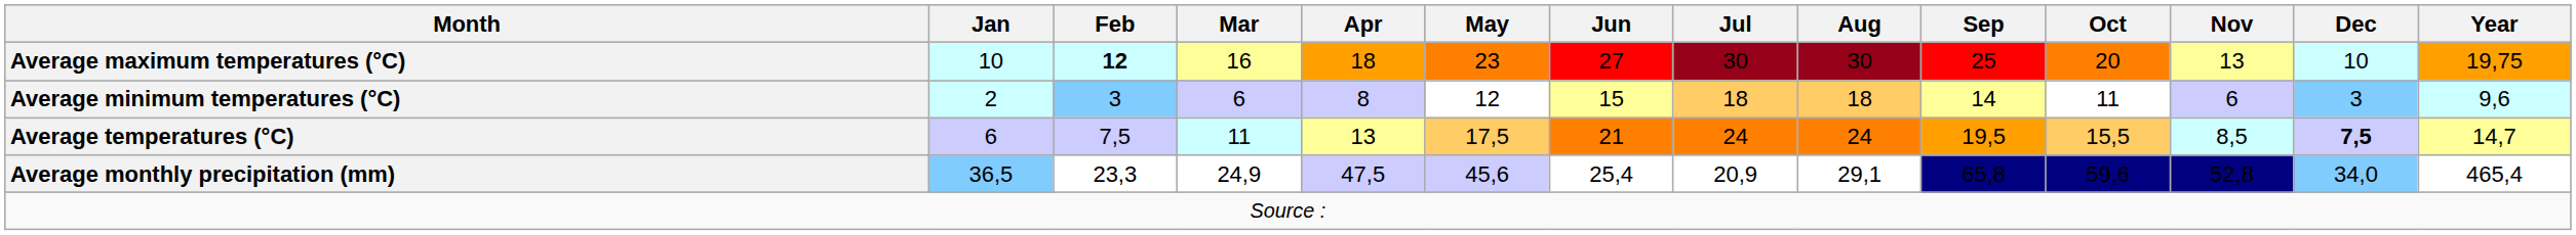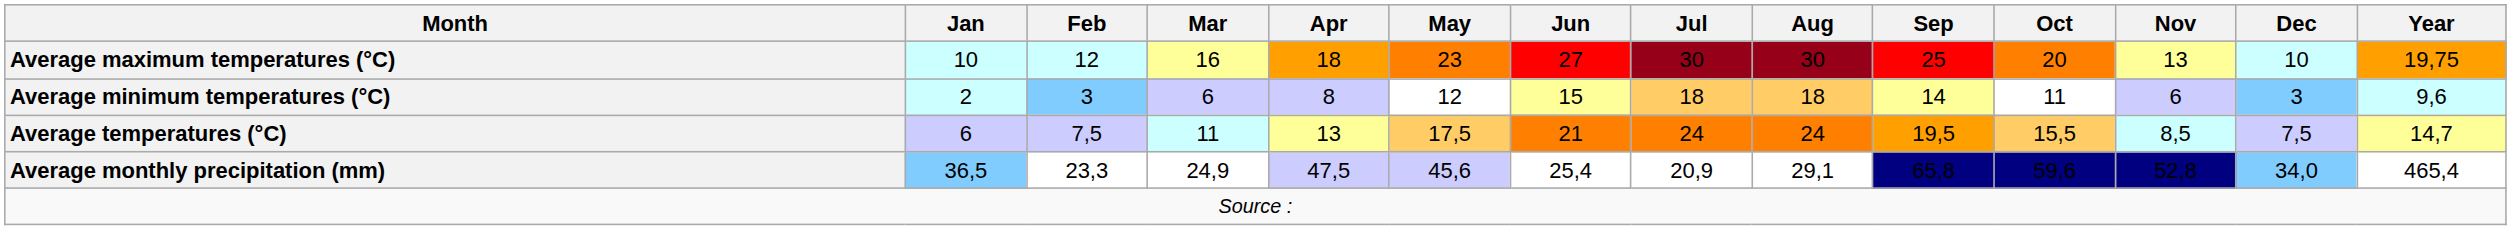 <table width="100%" class="wikitable" style="text-align:center;font-size:87%;line-height:120%">
 <tr>
 <th style="text-align:center;">Month</th>
 <th>Jan</th>
 <th>Feb</th>
 <th>Mar</th>
 <th>Apr</th>
 <th>May</th>
 <th>Jun</th>
 <th>Jul</th>
 <th>Aug</th>
 <th>Sep</th>
 <th>Oct</th>
 <th>Nov</th>
 <th>Dec</th>
 <th>Year</th>
 </tr>
 <tr>
 <th style="text-align:left">Average maximum temperatures (°C)</th>
 <td style="background:#CCFFFF">10</td>
-<td style="background:#CCFFFF"><strong>12</strong></td>
+<td style="background:#CCFFFF">12</td>
 <td style="background:#FFFF99">16</td>
 <td style="background:#FFA000">18</td>
 <td style="background:#FF8000">23</td>
 <td style="background:#FF0000">27</td>
 <td style="background:#960018"><span>30</span></td>
 <td style="background:#960018"><span>30</span></td>
 <td style="background:#FF0000">25</td>
 <td style="background:#FF8000">20</td>
 <td style="background:#FFFF99">13</td>
 <td style="background:#CCFFFF">10</td>
 <td style="background:#FFA000">19,75</td>
 </tr>
 <tr>
 <th style="text-align:left">Average minimum temperatures (°C)</th>
 <td style="background:#CCFFFF">2</td>
 <td style="background:#80CCFF">3</td>
 <td style="background:#CCCCFF">6</td>
 <td style="background:#CCCCFF">8</td>
 <td style="background:#FFFFFF">12</td>
 <td style="background:#FFFF99">15</td>
 <td style="background:#FFCC66">18</td>
 <td style="background:#FFCC66">18</td>
 <td style="background:#FFFF99">14</td>
 <td style="background:#FFFFFF">11</td>
 <td style="background:#CCCCFF">6</td>
 <td style="background:#80CCFF">3</td>
 <td style="background:#CCFFFF">9,6</td>
 </tr>
 <tr>
 <th style="text-align:left">Average temperatures (°C)</th>
 <td style="background:#CCCCFF">6</td>
 <td style="background:#CCCCFF">7,5</td>
 <td style="background:#CCFFFF">11</td>
 <td style="background:#FFFF99">13</td>
 <td style="background:#FFCC66">17,5</td>
 <td style="background:#FF8000">21</td>
 <td style="background:#FF8000">24</td>
 <td style="background:#FF8000">24</td>
 <td style="background:#FFA000">19,5</td>
 <td style="background:#FFCC66">15,5</td>
 <td style="background:#CCFFFF">8,5</td>
-<td style="background:#CCCCFF"><strong>7,5</strong></td>
+<td style="background:#CCCCFF">7,5</td>
 <td style="background:#FFFF99">14,7</td>
 </tr>
 <tr>
 <th style="text-align:left">Average monthly precipitation (mm)</th>
 <td style="background:#80CCFF">36,5</td>
 <td style="background:#FFFFFF">23,3</td>
 <td style="background:#FFFFFF">24,9</td>
 <td style="background:#CCCCFF">47,5</td>
 <td style="background:#CCCCFF">45,6</td>
 <td style="background:#FFFFFF">25,4</td>
 <td style="background:#FFFFFF">20,9</td>
 <td style="background:#FFFFFF">29,1</td>
 <td style="background:#000080"><span>65,8</span></td>
 <td style="background:#000080"><span>59,6</span></td>
 <td style="background:#000080"><span>52,8</span></td>
 <td style="background:#80CCFF">34,0</td>
 <td style="background:#FFFFFF">465,4</td>
 </tr>
 <tr>
 <td colspan="14" style="font-size:90%;text-align:center"><em>Source : </em></td>
 </tr>
 </table>
